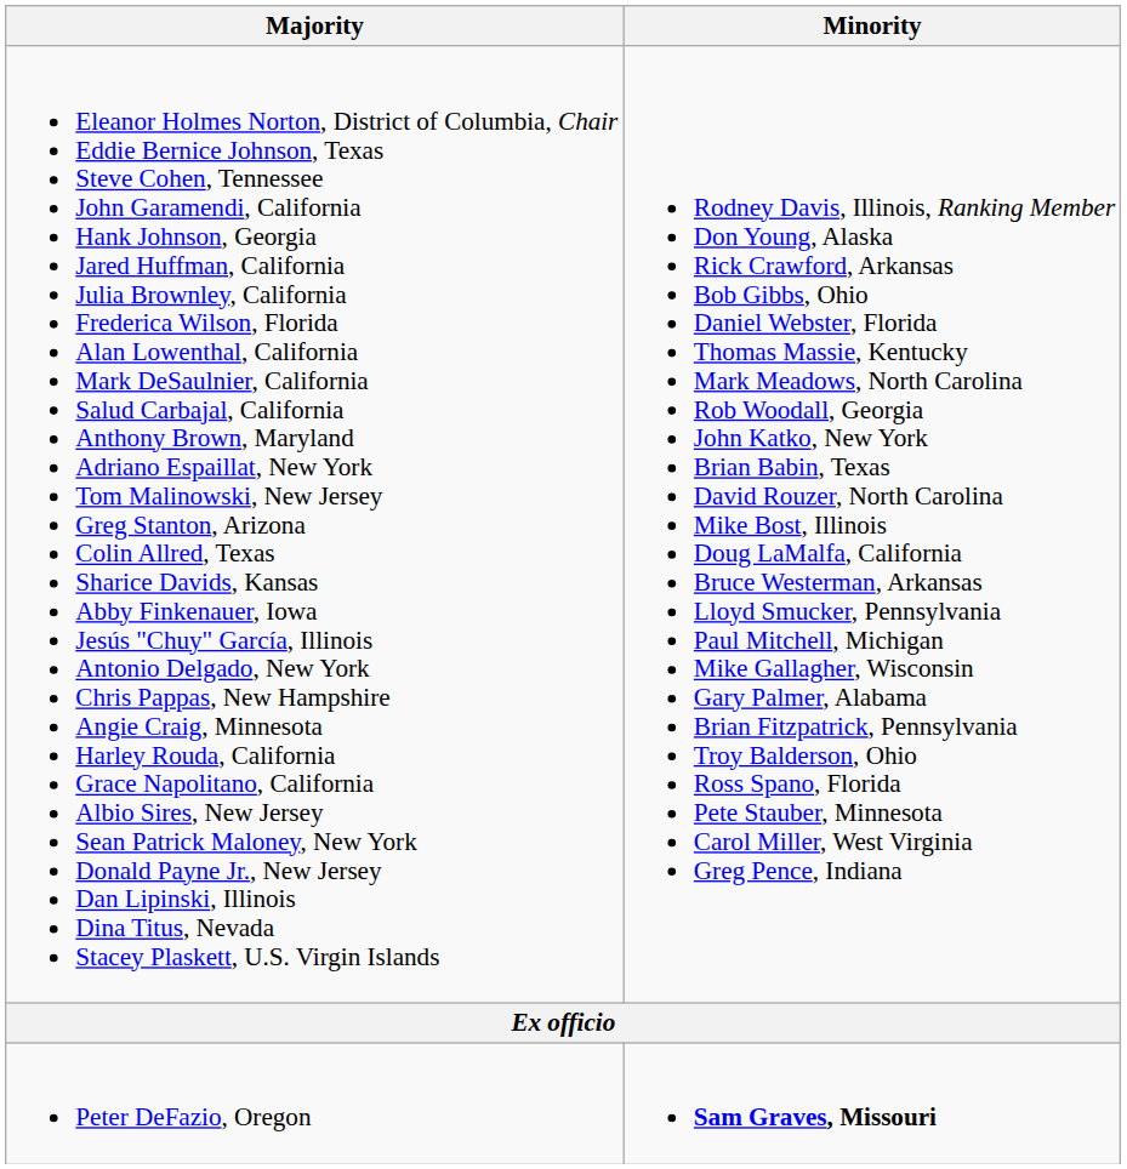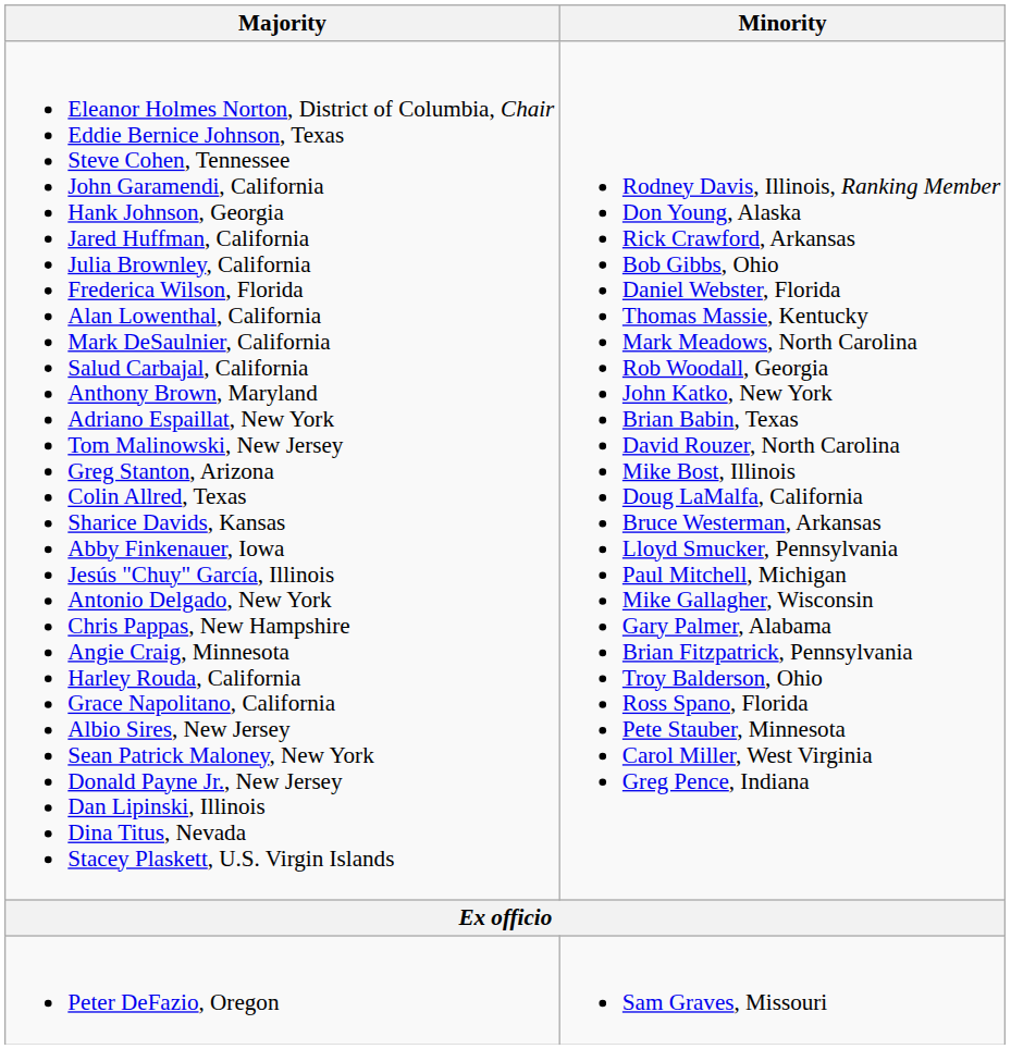 <table class=wikitable>
 <tr>
 <th>Majority</th>
 <th>Minority</th>
 </tr>
 <tr>
 <td><br><ul><li><a href='#'>Eleanor Holmes Norton</a>, District of Columbia, <em>Chair</em></li><li><a href='#'>Eddie Bernice Johnson</a>, Texas</li><li><a href='#'>Steve Cohen</a>, Tennessee</li><li><a href='#'>John Garamendi</a>, California</li><li><a href='#'>Hank Johnson</a>, Georgia</li><li><a href='#'>Jared Huffman</a>, California</li><li><a href='#'>Julia Brownley</a>, California</li><li><a href='#'>Frederica Wilson</a>, Florida</li><li><a href='#'>Alan Lowenthal</a>, California</li><li><a href='#'>Mark DeSaulnier</a>, California</li><li><a href='#'>Salud Carbajal</a>, California</li><li><a href='#'>Anthony Brown</a>, Maryland</li><li><a href='#'>Adriano Espaillat</a>, New York</li><li><a href='#'>Tom Malinowski</a>, New Jersey</li><li><a href='#'>Greg Stanton</a>, Arizona</li><li><a href='#'>Colin Allred</a>, Texas</li><li><a href='#'>Sharice Davids</a>, Kansas</li><li><a href='#'>Abby Finkenauer</a>, Iowa</li><li><a href='#'>Jesús "Chuy" García</a>, Illinois</li><li><a href='#'>Antonio Delgado</a>, New York</li><li><a href='#'>Chris Pappas</a>, New Hampshire</li><li><a href='#'>Angie Craig</a>, Minnesota</li><li><a href='#'>Harley Rouda</a>, California</li><li><a href='#'>Grace Napolitano</a>, California</li><li><a href='#'>Albio Sires</a>, New Jersey</li><li><a href='#'>Sean Patrick Maloney</a>, New York</li><li><a href='#'>Donald Payne Jr.</a>, New Jersey</li><li><a href='#'>Dan Lipinski</a>, Illinois</li><li><a href='#'>Dina Titus</a>, Nevada</li><li><a href='#'>Stacey Plaskett</a>, U.S. Virgin Islands</li></ul></td>
 <td><br><ul><li><a href='#'>Rodney Davis</a>, Illinois, <em>Ranking Member</em></li><li><a href='#'>Don Young</a>, Alaska</li><li><a href='#'>Rick Crawford</a>, Arkansas</li><li><a href='#'>Bob Gibbs</a>, Ohio</li><li><a href='#'>Daniel Webster</a>, Florida</li><li><a href='#'>Thomas Massie</a>, Kentucky</li><li><a href='#'>Mark Meadows</a>, North Carolina</li><li><a href='#'>Rob Woodall</a>, Georgia</li><li><a href='#'>John Katko</a>, New York</li><li><a href='#'>Brian Babin</a>, Texas</li><li><a href='#'>David Rouzer</a>, North Carolina</li><li><a href='#'>Mike Bost</a>, Illinois</li><li><a href='#'>Doug LaMalfa</a>, California</li><li><a href='#'>Bruce Westerman</a>, Arkansas</li><li><a href='#'>Lloyd Smucker</a>, Pennsylvania</li><li><a href='#'>Paul Mitchell</a>, Michigan</li><li><a href='#'>Mike Gallagher</a>, Wisconsin</li><li><a href='#'>Gary Palmer</a>, Alabama</li><li><a href='#'>Brian Fitzpatrick</a>, Pennsylvania</li><li><a href='#'>Troy Balderson</a>, Ohio</li><li><a href='#'>Ross Spano</a>, Florida</li><li><a href='#'>Pete Stauber</a>, Minnesota</li><li><a href='#'>Carol Miller</a>, West Virginia</li><li><a href='#'>Greg Pence</a>, Indiana</li></ul></td>
 </tr>
 <tr>
 <th colspan=2><em>Ex officio</em></th>
 </tr>
 <tr>
 <td><br><ul><li><a href='#'>Peter DeFazio</a>, Oregon</li></ul></td>
-<td><strong><br><ul><li><a href='#'>Sam Graves</a>, Missouri</li></ul></strong></td>
+<td><br><ul><li><a href='#'>Sam Graves</a>, Missouri</li></ul></td>
 </tr>
 </table>
